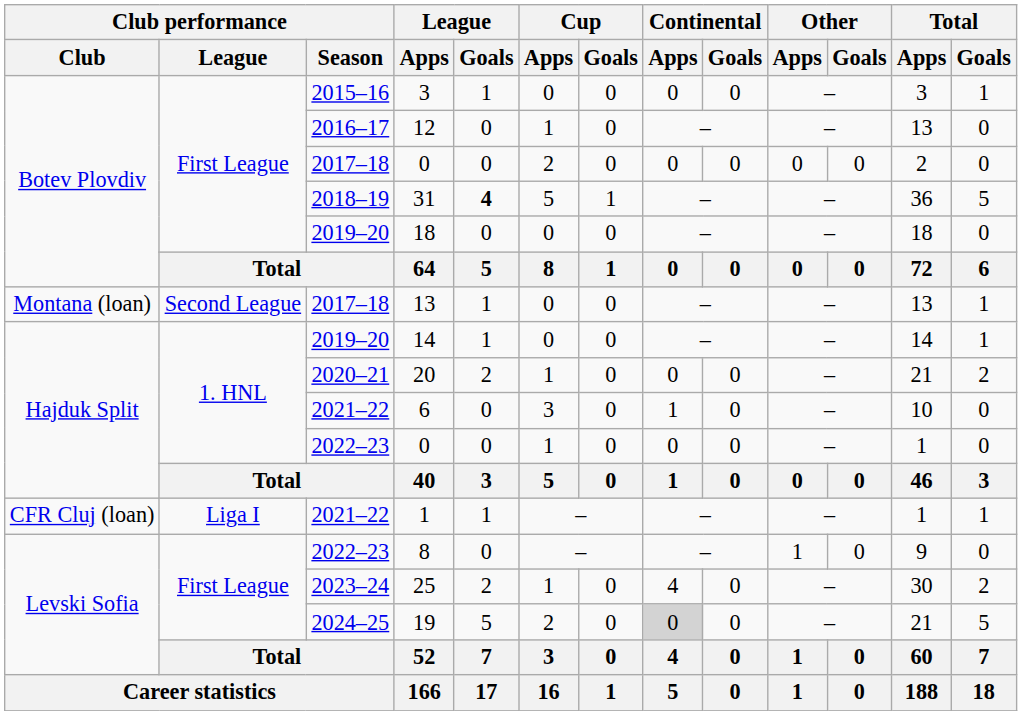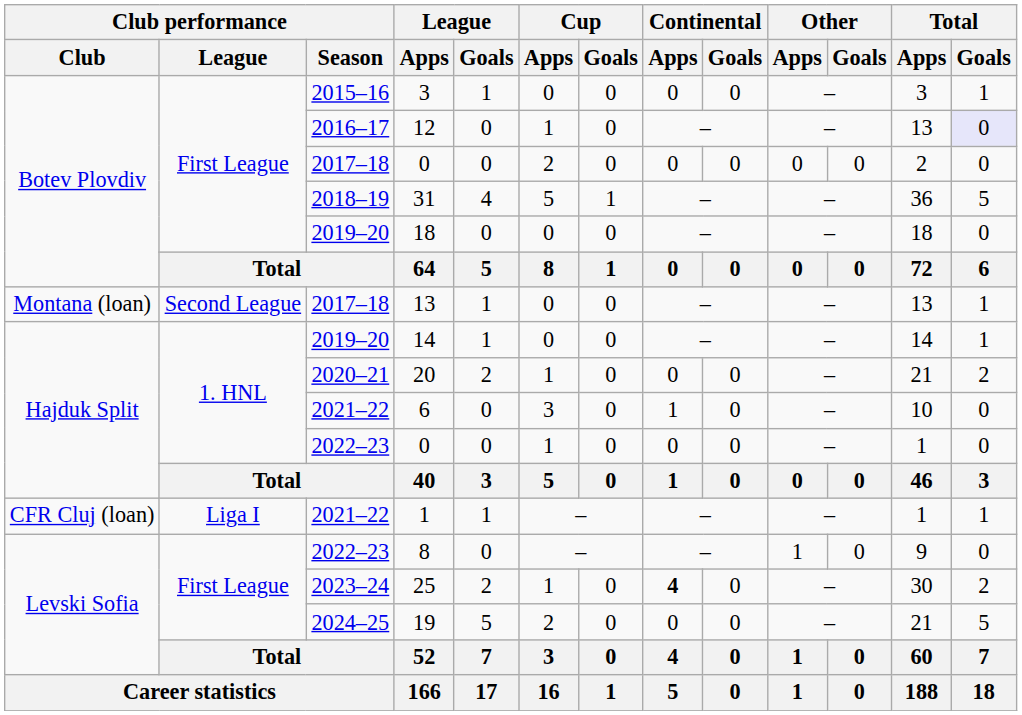 <table class="wikitable" style="text-align: center">
 <tr>
 <th Colspan="3">Club performance</th>
 <th Colspan="2">League</th>
 <th Colspan="2">Cup</th>
 <th Colspan="2">Continental</th>
 <th Colspan="2">Other</th>
 <th Colspan="3">Total</th>
 </tr>
 <tr>
 <th>Club</th>
 <th>League</th>
 <th>Season</th>
 <th>Apps</th>
 <th>Goals</th>
 <th>Apps</th>
 <th>Goals</th>
 <th>Apps</th>
 <th>Goals</th>
 <th>Apps</th>
 <th>Goals</th>
 <th>Apps</th>
 <th>Goals</th>
 </tr>
 <tr>
 <td rowspan="6" valign="center"><a href='#'>Botev Plovdiv</a></td>
 <td rowspan="5"><a href='#'>First League</a></td>
 <td><a href='#'>2015–16</a></td>
 <td>3</td>
 <td>1</td>
 <td>0</td>
 <td>0</td>
 <td>0</td>
 <td>0</td>
 <td colspan="2">–</td>
 <td>3</td>
 <td>1</td>
 </tr>
 <tr>
 <td><a href='#'>2016–17</a></td>
 <td>12</td>
 <td>0</td>
 <td>1</td>
 <td>0</td>
 <td colspan="2">–</td>
 <td colspan="2">–</td>
 <td>13</td>
-<td>0</td>
+<td style="background: lavender;">0</td>
 </tr>
 <tr>
 <td><a href='#'>2017–18</a></td>
 <td>0</td>
 <td>0</td>
 <td>2</td>
 <td>0</td>
 <td>0</td>
 <td>0</td>
 <td>0</td>
 <td>0</td>
 <td>2</td>
 <td>0</td>
 </tr>
 <tr>
 <td><a href='#'>2018–19</a></td>
 <td>31</td>
-<td><strong>4</strong></td>
+<td>4</td>
 <td>5</td>
 <td>1</td>
 <td colspan="2">–</td>
 <td colspan="2">–</td>
 <td>36</td>
 <td>5</td>
 </tr>
 <tr>
 <td><a href='#'>2019–20</a></td>
 <td>18</td>
 <td>0</td>
 <td>0</td>
 <td>0</td>
 <td colspan="2">–</td>
 <td colspan="2">–</td>
 <td>18</td>
 <td>0</td>
 </tr>
 <tr>
 <th colspan=2>Total</th>
 <th>64</th>
 <th>5</th>
 <th>8</th>
 <th>1</th>
 <th>0</th>
 <th>0</th>
 <th>0</th>
 <th>0</th>
 <th>72</th>
 <th>6</th>
 </tr>
 <tr>
 <td><a href='#'>Montana</a> (loan)</td>
 <td><a href='#'>Second League</a></td>
 <td><a href='#'>2017–18</a></td>
 <td>13</td>
 <td>1</td>
 <td>0</td>
 <td>0</td>
 <td colspan="2">–</td>
 <td colspan="2">–</td>
 <td>13</td>
 <td>1</td>
 </tr>
 <tr>
 <td rowspan="5" valign="center"><a href='#'>Hajduk Split</a></td>
 <td rowspan="4"><a href='#'>1. HNL</a></td>
 <td><a href='#'>2019–20</a></td>
 <td>14</td>
 <td>1</td>
 <td>0</td>
 <td>0</td>
 <td colspan="2">–</td>
 <td colspan="2">–</td>
 <td>14</td>
 <td>1</td>
 </tr>
 <tr>
 <td><a href='#'>2020–21</a></td>
 <td>20</td>
 <td>2</td>
 <td>1</td>
 <td>0</td>
 <td>0</td>
 <td>0</td>
 <td colspan="2">–</td>
 <td>21</td>
 <td>2</td>
 </tr>
 <tr>
 <td><a href='#'>2021–22</a></td>
 <td>6</td>
 <td>0</td>
 <td>3</td>
 <td>0</td>
 <td>1</td>
 <td>0</td>
 <td colspan="2">–</td>
 <td>10</td>
 <td>0</td>
 </tr>
 <tr>
 <td><a href='#'>2022–23</a></td>
 <td>0</td>
 <td>0</td>
 <td>1</td>
 <td>0</td>
 <td>0</td>
 <td>0</td>
 <td colspan="2">–</td>
 <td>1</td>
 <td>0</td>
 </tr>
 <tr>
 <th colspan=2>Total</th>
 <th>40</th>
 <th>3</th>
 <th>5</th>
 <th>0</th>
 <th>1</th>
 <th>0</th>
 <th>0</th>
 <th>0</th>
 <th>46</th>
 <th>3</th>
 </tr>
 <tr>
 <td><a href='#'>CFR Cluj</a> (loan)</td>
 <td><a href='#'>Liga I</a></td>
 <td><a href='#'>2021–22</a></td>
 <td>1</td>
 <td>1</td>
 <td colspan="2">–</td>
 <td colspan="2">–</td>
 <td colspan="2">–</td>
 <td>1</td>
 <td>1</td>
 </tr>
 <tr>
 <td rowspan=4><a href='#'>Levski Sofia</a></td>
 <td rowspan=3><a href='#'>First League</a></td>
 <td><a href='#'>2022–23</a></td>
 <td>8</td>
 <td>0</td>
 <td colspan="2">–</td>
 <td colspan="2">–</td>
 <td>1</td>
 <td>0</td>
 <td>9</td>
 <td>0</td>
 </tr>
 <tr>
 <td><a href='#'>2023–24</a></td>
 <td>25</td>
 <td>2</td>
 <td>1</td>
 <td>0</td>
-<td>4</td>
+<td><strong>4</strong></td>
 <td>0</td>
 <td colspan="2">–</td>
 <td>30</td>
 <td>2</td>
 </tr>
 <tr>
 <td><a href='#'>2024–25</a></td>
 <td>19</td>
 <td>5</td>
 <td>2</td>
 <td>0</td>
-<td style="background: lightgrey;">0</td>
+<td>0</td>
 <td>0</td>
 <td colspan="2">–</td>
 <td>21</td>
 <td>5</td>
 </tr>
 <tr>
 <th colspan=2>Total</th>
 <th>52</th>
 <th>7</th>
 <th>3</th>
 <th>0</th>
 <th>4</th>
 <th>0</th>
 <th>1</th>
 <th>0</th>
 <th>60</th>
 <th>7</th>
 </tr>
 <tr>
 <th colspan="3">Career statistics</th>
 <th>166</th>
 <th>17</th>
 <th>16</th>
 <th>1</th>
 <th>5</th>
 <th>0</th>
 <th>1</th>
 <th>0</th>
 <th>188</th>
 <th>18</th>
 </tr>
 </table>
